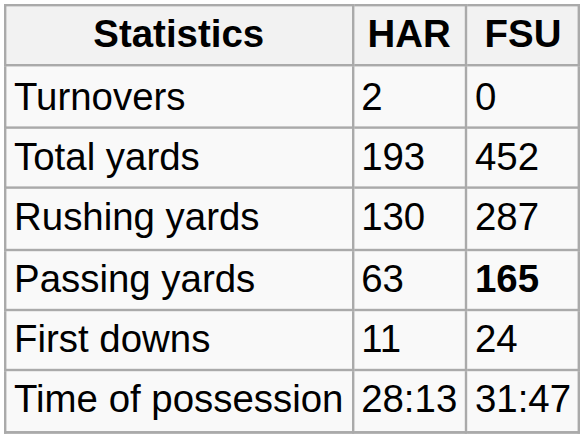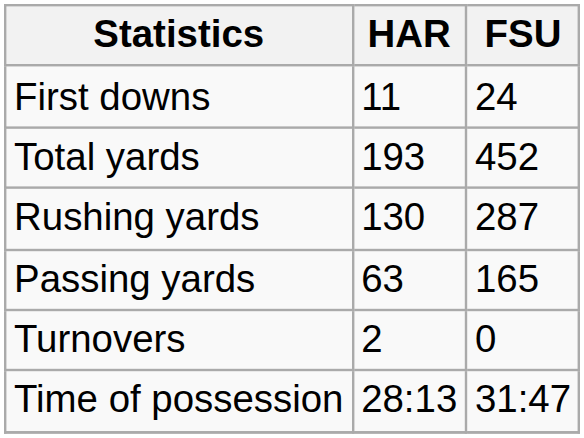 <table class="wikitable">
 <tr>
 <th>Statistics</th>
 <th>HAR</th>
 <th>FSU</th>
 </tr>
 <tr>
-<td>Turnovers</td>
-<td>2</td>
-<td>0</td>
+<td>First downs</td>
+<td>11</td>
+<td>24</td>
 </tr>
 <tr>
 <td>Total yards</td>
 <td>193</td>
 <td>452</td>
 </tr>
 <tr>
 <td>Rushing yards</td>
 <td>130</td>
 <td>287</td>
 </tr>
 <tr>
 <td>Passing yards</td>
 <td>63</td>
-<td><strong>165</strong></td>
+<td>165</td>
 </tr>
 <tr>
-<td>First downs</td>
-<td>11</td>
-<td>24</td>
+<td>Turnovers</td>
+<td>2</td>
+<td>0</td>
 </tr>
 <tr>
 <td>Time of possession</td>
 <td>28:13</td>
 <td>31:47</td>
 </tr>
 <tr>
 </tr>
 </table>
